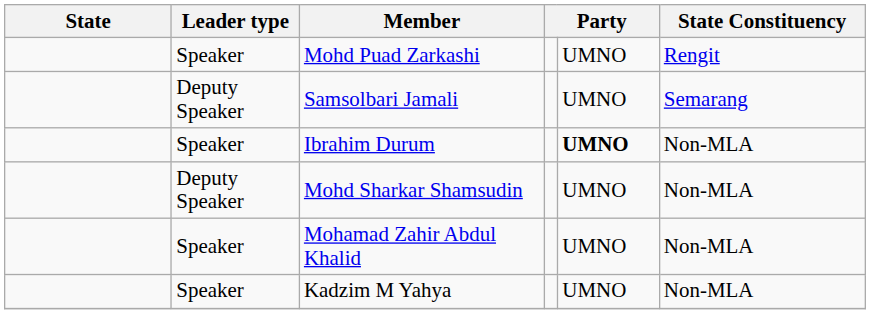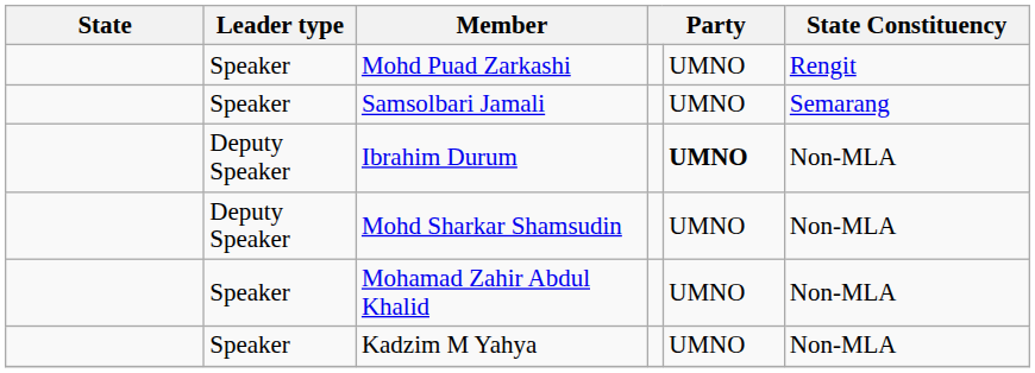 <table class ="wikitable sortable">
 <tr>
 <th style="width:120px;">State</th>
 <th style="width:90px;">Leader type</th>
 <th style="width:180px;">Member</th>
 <th style="width:80px;" colspan=2>Party</th>
 <th style="width:150px;">State Constituency</th>
 </tr>
 <tr>
 <td></td>
 <td>Speaker</td>
 <td><a href='#'>Mohd Puad Zarkashi</a></td>
 <td></td>
 <td>UMNO</td>
 <td><a href='#'>Rengit</a></td>
 </tr>
 <tr>
 <td></td>
-<td>Deputy Speaker</td>
+<td>Speaker</td>
 <td><a href='#'>Samsolbari Jamali</a></td>
 <td></td>
 <td>UMNO</td>
 <td><a href='#'>Semarang</a></td>
 </tr>
 <tr>
 <td></td>
-<td>Speaker</td>
+<td>Deputy Speaker</td>
 <td><a href='#'>Ibrahim Durum</a></td>
 <td></td>
 <td><strong>UMNO</strong></td>
 <td>Non-MLA</td>
 </tr>
 <tr>
 <td></td>
 <td>Deputy Speaker</td>
 <td><a href='#'>Mohd Sharkar Shamsudin</a></td>
 <td></td>
 <td>UMNO</td>
 <td>Non-MLA</td>
 </tr>
 <tr>
 <td></td>
 <td>Speaker</td>
 <td><a href='#'>Mohamad Zahir Abdul Khalid</a></td>
 <td></td>
 <td>UMNO</td>
 <td>Non-MLA</td>
 </tr>
 <tr>
 <td></td>
 <td>Speaker</td>
 <td>Kadzim M Yahya</td>
 <td></td>
 <td>UMNO</td>
 <td>Non-MLA</td>
 </tr>
 <tr>
 </tr>
 </table>
